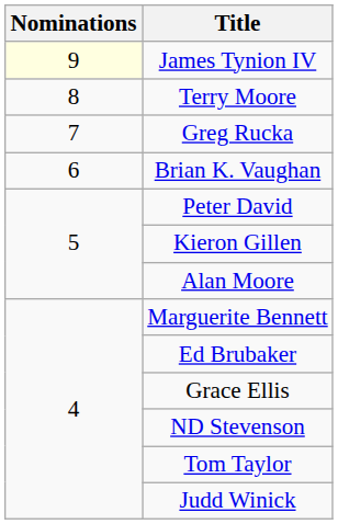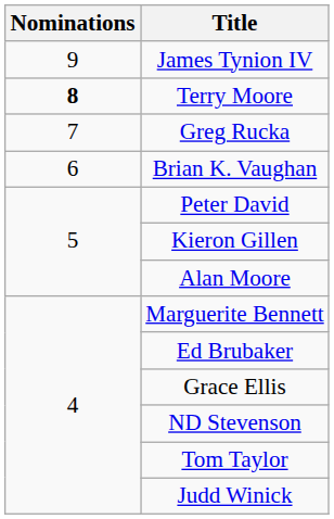 <table class="wikitable" style="text-align:center;">
 <tr>
 <th scope="col" width="12">Nominations</th>
 <th scope="col">Title</th>
 </tr>
 <tr>
-<td style="background: lightyellow;">9</td>
+<td>9</td>
 <td><a href='#'>James Tynion IV</a></td>
 </tr>
 <tr>
-<td>8</td>
+<td><strong>8</strong></td>
 <td><a href='#'>Terry Moore</a></td>
 </tr>
 <tr>
 <td>7</td>
 <td><a href='#'>Greg Rucka</a></td>
 </tr>
 <tr>
 <td>6</td>
 <td><a href='#'>Brian K. Vaughan</a></td>
 </tr>
 <tr>
 <td rowspan=3>5</td>
 <td><a href='#'>Peter David</a></td>
 </tr>
 <tr>
 <td><a href='#'>Kieron Gillen</a></td>
 </tr>
 <tr>
 <td><a href='#'>Alan Moore</a></td>
 </tr>
 <tr>
 <td rowspan=6>4</td>
 <td><a href='#'>Marguerite Bennett</a></td>
 </tr>
 <tr>
 <td><a href='#'>Ed Brubaker</a></td>
 </tr>
 <tr>
 <td>Grace Ellis</td>
 </tr>
 <tr>
 <td><a href='#'>ND Stevenson</a></td>
 </tr>
 <tr>
 <td><a href='#'>Tom Taylor</a></td>
 </tr>
 <tr>
 <td><a href='#'>Judd Winick</a></td>
 </tr>
 </table>
